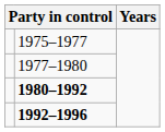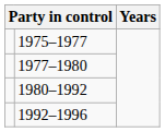 <table class="wikitable">
 <tr>
 <th colspan="2">Party in control</th>
 <th>Years</th>
 </tr>
 <tr>
 <td></td>
 <td>1975–1977</td>
 </tr>
 <tr>
 <td></td>
 <td>1977–1980</td>
 </tr>
 <tr>
 <td></td>
-<td><strong>1980–1992</strong></td>
+<td>1980–1992</td>
 </tr>
 <tr>
 <td></td>
-<td><strong>1992–1996</strong></td>
+<td>1992–1996</td>
 </tr>
 </table>
